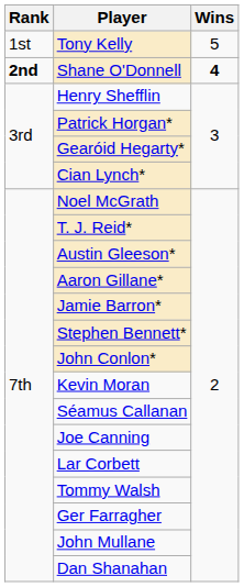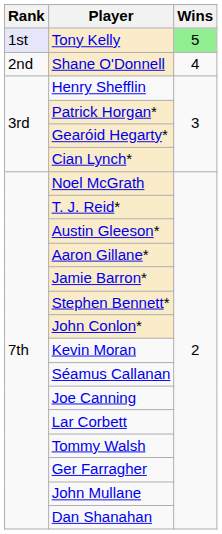 <table class="wikitable">
 <tr>
 <th>Rank</th>
 <th>Player</th>
 <th>Wins</th>
 </tr>
 <tr>
-<td rowspan="1" style="border-top:1px solid silver">1st</td>
+<td rowspan="1" style="background: lavender; border-top:1px solid silver">1st</td>
 <td bgcolor="#faecc8"><a href='#'>Tony Kelly</a></td>
-<td rowspan="1" style="text-align:center; border-top:1px solid silver">5</td>
+<td rowspan="1" style="background: lightgreen; text-align:center; border-top:1px solid silver">5</td>
 </tr>
 <tr>
-<td rowspan="1" style="border-top:1px solid silver"><strong>2nd</strong></td>
+<td rowspan="1" style="border-top:1px solid silver">2nd</td>
 <td bgcolor="#faecc8"><a href='#'>Shane O'Donnell</a></td>
-<td rowspan="1" style="text-align:center; border-top:1px solid silver"><strong>4</strong></td>
+<td rowspan="1" style="text-align:center; border-top:1px solid silver">4</td>
 </tr>
 <tr>
 <td rowspan="4" style="border-top:1px solid silver">3rd</td>
 <td><a href='#'>Henry Shefflin</a></td>
 <td rowspan="4" style="text-align:center; border-top:1px solid silver">3</td>
 </tr>
 <tr>
 <td bgcolor="#faecc8"><a href='#'>Patrick Horgan</a>*</td>
 </tr>
 <tr>
 <td bgcolor="#faecc8"><a href='#'>Gearóid Hegarty</a>*</td>
 </tr>
 <tr>
 <td bgcolor="#faecc8"><a href='#'>Cian Lynch</a>*</td>
 </tr>
 <tr>
 <td rowspan="15" style="border-top:1px solid silver">7th</td>
 <td bgcolor="#faecc8"><a href='#'>Noel McGrath</a></td>
 <td rowspan="15" style="text-align:center; border-top:1px solid silver">2</td>
 </tr>
 <tr>
 <td bgcolor="#faecc8"><a href='#'>T. J. Reid</a>*</td>
 </tr>
 <tr>
 <td bgcolor="#faecc8"><a href='#'>Austin Gleeson</a>*</td>
 </tr>
 <tr>
 <td bgcolor="#faecc8"><a href='#'>Aaron Gillane</a>*</td>
 </tr>
 <tr>
 <td bgcolor="#faecc8"><a href='#'>Jamie Barron</a>*</td>
 </tr>
 <tr>
 <td bgcolor="#faecc8"><a href='#'>Stephen Bennett</a>*</td>
 </tr>
 <tr>
 <td bgcolor="#faecc8"><a href='#'>John Conlon</a>*</td>
 </tr>
 <tr>
 <td><a href='#'>Kevin Moran</a></td>
 </tr>
 <tr>
 <td><a href='#'>Séamus Callanan</a></td>
 </tr>
 <tr>
 <td><a href='#'>Joe Canning</a></td>
 </tr>
 <tr>
 <td><a href='#'>Lar Corbett</a></td>
 </tr>
 <tr>
 <td><a href='#'>Tommy Walsh</a></td>
 </tr>
 <tr>
 <td><a href='#'>Ger Farragher</a></td>
 </tr>
 <tr>
 <td><a href='#'>John Mullane</a></td>
 </tr>
 <tr>
 <td><a href='#'>Dan Shanahan</a></td>
 </tr>
 </table>
